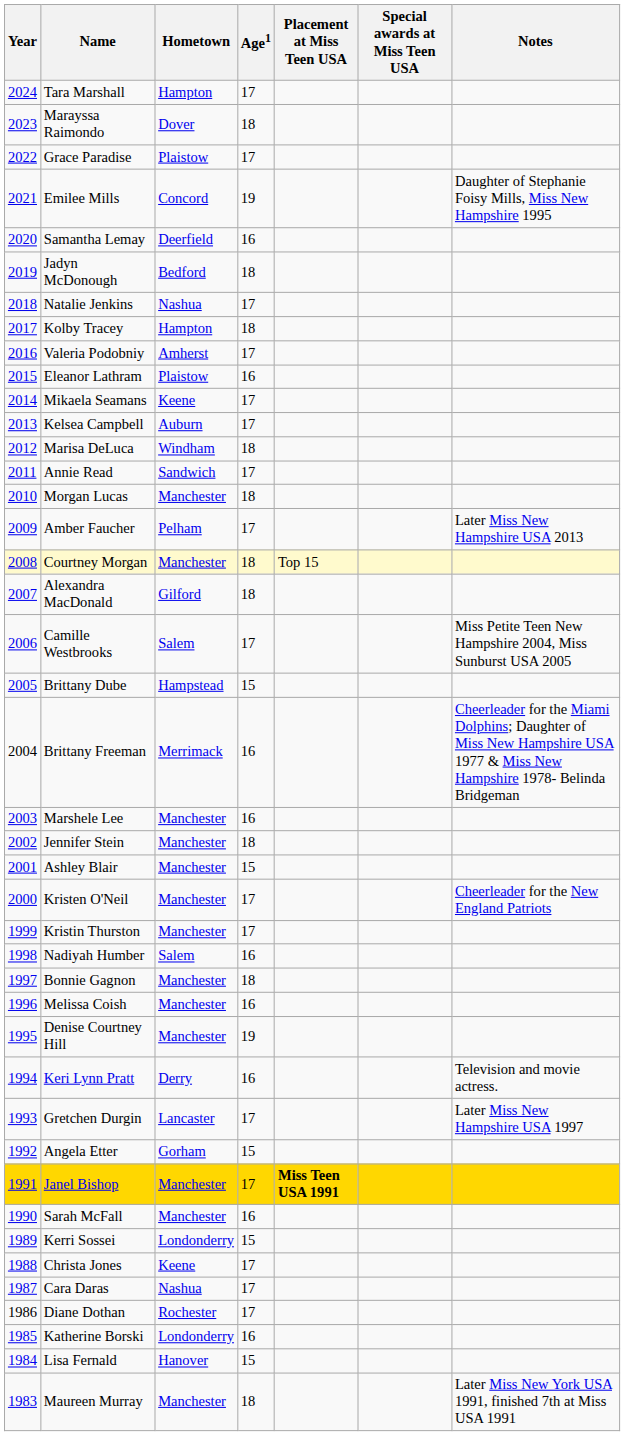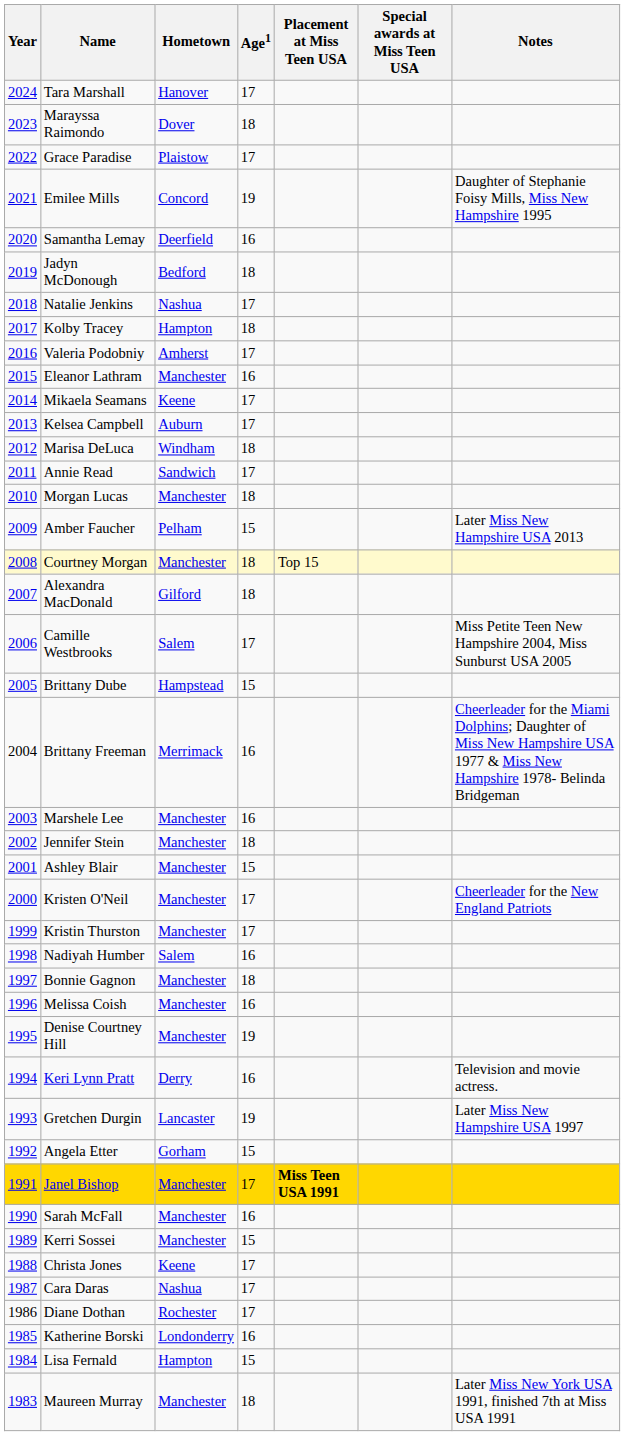 <table class="wikitable sortable" style="font-size:90%;">
 <tr bgcolor="#efefef">
 <th width=5%>Year</th>
 <th width=20%>Name</th>
 <th width=10%>Hometown</th>
 <th width=3%>Age<sup>1</sup></th>
 <th width=14%>Placement at Miss Teen USA</th>
 <th width=17%>Special awards at Miss Teen  USA</th>
 <th width=31%>Notes</th>
 </tr>
 <tr>
 <td><a href='#'>2024</a></td>
 <td>Tara Marshall</td>
-<td><a href='#'>Hampton</a></td>
+<td><a href='#'>Hanover</a></td>
 <td>17</td>
 <td></td>
 <td></td>
 <td></td>
 </tr>
 <tr>
 <td><a href='#'>2023</a></td>
 <td>Marayssa Raimondo</td>
 <td><a href='#'>Dover</a></td>
 <td>18</td>
 <td></td>
 <td></td>
 <td></td>
 </tr>
 <tr>
 <td><a href='#'>2022</a></td>
 <td>Grace Paradise</td>
 <td><a href='#'>Plaistow</a></td>
 <td>17</td>
 <td></td>
 <td></td>
 <td></td>
 </tr>
 <tr>
 <td><a href='#'>2021</a></td>
 <td>Emilee Mills</td>
 <td><a href='#'>Concord</a></td>
 <td>19</td>
 <td></td>
 <td></td>
 <td>Daughter of Stephanie Foisy Mills, <a href='#'>Miss New Hampshire</a> 1995</td>
 </tr>
 <tr>
 <td><a href='#'>2020</a></td>
 <td>Samantha Lemay</td>
 <td><a href='#'>Deerfield</a></td>
 <td>16</td>
 <td></td>
 <td></td>
 <td></td>
 </tr>
 <tr>
 <td><a href='#'>2019</a></td>
 <td>Jadyn McDonough</td>
 <td><a href='#'>Bedford</a></td>
 <td>18</td>
 <td></td>
 <td></td>
 <td></td>
 </tr>
 <tr>
 <td><a href='#'>2018</a></td>
 <td>Natalie Jenkins</td>
 <td><a href='#'>Nashua</a></td>
 <td>17</td>
 <td></td>
 <td></td>
 <td></td>
 </tr>
 <tr>
 <td><a href='#'>2017</a></td>
 <td>Kolby Tracey</td>
 <td><a href='#'>Hampton</a></td>
 <td>18</td>
 <td></td>
 <td></td>
 <td></td>
 </tr>
 <tr>
 <td><a href='#'>2016</a></td>
 <td>Valeria Podobniy</td>
 <td><a href='#'>Amherst</a></td>
 <td>17</td>
 <td></td>
 <td></td>
 <td></td>
 </tr>
 <tr>
 <td><a href='#'>2015</a></td>
 <td>Eleanor Lathram</td>
-<td><a href='#'>Plaistow</a></td>
+<td><a href='#'>Manchester</a></td>
 <td>16</td>
 <td></td>
 <td></td>
 <td></td>
 </tr>
 <tr>
 <td><a href='#'>2014</a></td>
 <td>Mikaela Seamans</td>
 <td><a href='#'>Keene</a></td>
 <td>17</td>
 <td></td>
 <td></td>
 <td></td>
 </tr>
 <tr>
 <td><a href='#'>2013</a></td>
 <td>Kelsea Campbell</td>
 <td><a href='#'>Auburn</a></td>
 <td>17</td>
 <td></td>
 <td></td>
 <td></td>
 </tr>
 <tr>
 <td><a href='#'>2012</a></td>
 <td>Marisa DeLuca</td>
 <td><a href='#'>Windham</a></td>
 <td>18</td>
 <td></td>
 <td></td>
 <td></td>
 </tr>
 <tr>
 <td><a href='#'>2011</a></td>
 <td>Annie Read</td>
 <td><a href='#'>Sandwich</a></td>
 <td>17</td>
 <td></td>
 <td></td>
 <td></td>
 </tr>
 <tr>
 <td><a href='#'>2010</a></td>
 <td>Morgan Lucas</td>
 <td><a href='#'>Manchester</a></td>
 <td>18</td>
 <td></td>
 <td></td>
 <td></td>
 </tr>
 <tr>
 <td><a href='#'>2009</a></td>
 <td>Amber Faucher</td>
 <td><a href='#'>Pelham</a></td>
-<td>17</td>
+<td>15</td>
 <td></td>
 <td></td>
 <td>Later <a href='#'>Miss New Hampshire USA</a> 2013</td>
 </tr>
 <tr style="background-color:#FFFACD;”">
 <td><a href='#'>2008</a></td>
 <td>Courtney Morgan</td>
 <td><a href='#'>Manchester</a></td>
 <td>18</td>
 <td>Top 15</td>
 <td></td>
 <td></td>
 </tr>
 <tr>
 <td><a href='#'>2007</a></td>
 <td>Alexandra MacDonald</td>
 <td><a href='#'>Gilford</a></td>
 <td>18</td>
 <td></td>
 <td></td>
 <td></td>
 </tr>
 <tr>
 <td><a href='#'>2006</a></td>
 <td>Camille Westbrooks</td>
 <td><a href='#'>Salem</a></td>
 <td>17</td>
 <td></td>
 <td></td>
 <td>Miss Petite Teen New Hampshire 2004, Miss Sunburst USA 2005</td>
 </tr>
 <tr>
 <td><a href='#'>2005</a></td>
 <td>Brittany Dube</td>
 <td><a href='#'>Hampstead</a></td>
 <td>15</td>
 <td></td>
 <td></td>
 <td></td>
 </tr>
 <tr>
 <td>2004</td>
 <td>Brittany Freeman</td>
 <td><a href='#'>Merrimack</a></td>
 <td>16</td>
 <td></td>
 <td></td>
 <td><a href='#'>Cheerleader</a> for the <a href='#'>Miami Dolphins</a>; Daughter of <a href='#'>Miss New Hampshire USA</a> 1977 & <a href='#'>Miss New Hampshire</a> 1978- Belinda Bridgeman</td>
 </tr>
 <tr>
 <td><a href='#'>2003</a></td>
 <td>Marshele Lee</td>
 <td><a href='#'>Manchester</a></td>
 <td>16</td>
 <td></td>
 <td></td>
 <td></td>
 </tr>
 <tr>
 <td><a href='#'>2002</a></td>
 <td>Jennifer Stein</td>
 <td><a href='#'>Manchester</a></td>
 <td>18</td>
 <td></td>
 <td></td>
 <td></td>
 </tr>
 <tr>
 <td><a href='#'>2001</a></td>
 <td>Ashley Blair</td>
 <td><a href='#'>Manchester</a></td>
 <td>15</td>
 <td></td>
 <td></td>
 <td></td>
 </tr>
 <tr>
 <td><a href='#'>2000</a></td>
 <td>Kristen O'Neil</td>
 <td><a href='#'>Manchester</a></td>
 <td>17</td>
 <td></td>
 <td></td>
 <td><a href='#'>Cheerleader</a> for the <a href='#'>New England Patriots</a></td>
 </tr>
 <tr>
 <td><a href='#'>1999</a></td>
 <td>Kristin Thurston</td>
 <td><a href='#'>Manchester</a></td>
 <td>17</td>
 <td></td>
 <td></td>
 <td></td>
 </tr>
 <tr>
 <td><a href='#'>1998</a></td>
 <td>Nadiyah Humber</td>
 <td><a href='#'>Salem</a></td>
 <td>16</td>
 <td></td>
 <td></td>
 <td></td>
 </tr>
 <tr>
 <td><a href='#'>1997</a></td>
 <td>Bonnie Gagnon</td>
 <td><a href='#'>Manchester</a></td>
 <td>18</td>
 <td></td>
 <td></td>
 <td></td>
 </tr>
 <tr>
 <td><a href='#'>1996</a></td>
 <td>Melissa Coish</td>
 <td><a href='#'>Manchester</a></td>
 <td>16</td>
 <td></td>
 <td></td>
 <td></td>
 </tr>
 <tr>
 <td><a href='#'>1995</a></td>
 <td>Denise Courtney Hill</td>
 <td><a href='#'>Manchester</a></td>
 <td>19</td>
 <td></td>
 <td></td>
 <td></td>
 </tr>
 <tr>
 <td><a href='#'>1994</a></td>
 <td><a href='#'>Keri Lynn Pratt</a></td>
 <td><a href='#'>Derry</a></td>
 <td>16</td>
 <td></td>
 <td></td>
 <td>Television and movie actress.</td>
 </tr>
 <tr>
 <td><a href='#'>1993</a></td>
 <td>Gretchen Durgin</td>
 <td><a href='#'>Lancaster</a></td>
-<td>17</td>
+<td>19</td>
 <td></td>
 <td></td>
 <td>Later <a href='#'>Miss New Hampshire USA</a> 1997</td>
 </tr>
 <tr>
 <td><a href='#'>1992</a></td>
 <td>Angela Etter</td>
 <td><a href='#'>Gorham</a></td>
 <td>15</td>
 <td></td>
 <td></td>
 <td></td>
 </tr>
 <tr style="background-color:GOLD;”">
 <td><a href='#'>1991</a></td>
 <td><a href='#'>Janel Bishop</a></td>
 <td><a href='#'>Manchester</a></td>
 <td>17</td>
 <td><strong>Miss Teen USA 1991</strong></td>
 <td></td>
 <td></td>
 </tr>
 <tr>
 <td><a href='#'>1990</a></td>
 <td>Sarah McFall</td>
 <td><a href='#'>Manchester</a></td>
 <td>16</td>
 <td></td>
 <td></td>
 <td></td>
 </tr>
 <tr>
 <td><a href='#'>1989</a></td>
 <td>Kerri Sossei</td>
-<td><a href='#'>Londonderry</a></td>
+<td><a href='#'>Manchester</a></td>
 <td>15</td>
 <td></td>
 <td></td>
 <td></td>
 </tr>
 <tr>
 <td><a href='#'>1988</a></td>
 <td>Christa Jones</td>
 <td><a href='#'>Keene</a></td>
 <td>17</td>
 <td></td>
 <td></td>
 <td></td>
 </tr>
 <tr>
 <td><a href='#'>1987</a></td>
 <td>Cara Daras</td>
 <td><a href='#'>Nashua</a></td>
 <td>17</td>
 <td></td>
 <td></td>
 <td></td>
 </tr>
 <tr>
 <td>1986</td>
 <td>Diane Dothan</td>
 <td><a href='#'>Rochester</a></td>
 <td>17</td>
 <td></td>
 <td></td>
 <td></td>
 </tr>
 <tr>
 <td><a href='#'>1985</a></td>
 <td>Katherine Borski</td>
 <td><a href='#'>Londonderry</a></td>
 <td>16</td>
 <td></td>
 <td></td>
 <td></td>
 </tr>
 <tr>
 <td><a href='#'>1984</a></td>
 <td>Lisa Fernald</td>
-<td><a href='#'>Hanover</a></td>
+<td><a href='#'>Hampton</a></td>
 <td>15</td>
 <td></td>
 <td></td>
 <td></td>
 </tr>
 <tr>
 <td><a href='#'>1983</a></td>
 <td>Maureen Murray</td>
 <td><a href='#'>Manchester</a></td>
 <td>18</td>
 <td></td>
 <td></td>
 <td>Later <a href='#'>Miss New York USA</a> 1991, finished 7th at Miss USA 1991</td>
 </tr>
 </table>
